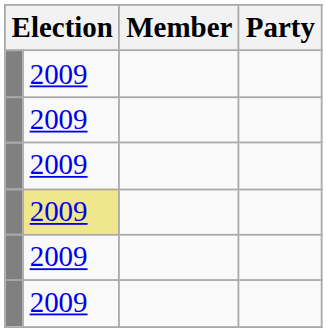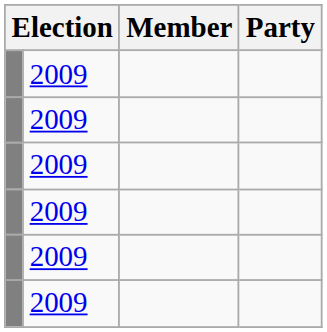 <table class="wikitable">
 <tr>
 <th colspan="2">Election</th>
 <th>Member</th>
 <th>Party</th>
 </tr>
 <tr>
 <td style="background-color: grey"></td>
 <td><a href='#'>2009</a></td>
 <td></td>
 <td></td>
 </tr>
 <tr>
 <td style="background-color: grey"></td>
 <td><a href='#'>2009</a></td>
 <td></td>
 <td></td>
 </tr>
 <tr>
 <td style="background-color: grey"></td>
 <td><a href='#'>2009</a></td>
 <td></td>
 <td></td>
 </tr>
 <tr>
 <td style="background-color: grey"></td>
-<td style="background: khaki;"><a href='#'>2009</a></td>
+<td><a href='#'>2009</a></td>
 <td></td>
 <td></td>
 </tr>
 <tr>
 <td style="background-color: grey"></td>
 <td><a href='#'>2009</a></td>
 <td></td>
 <td></td>
 </tr>
 <tr>
 <td style="background-color: grey"></td>
 <td><a href='#'>2009</a></td>
 <td></td>
 <td></td>
 </tr>
 </table>
